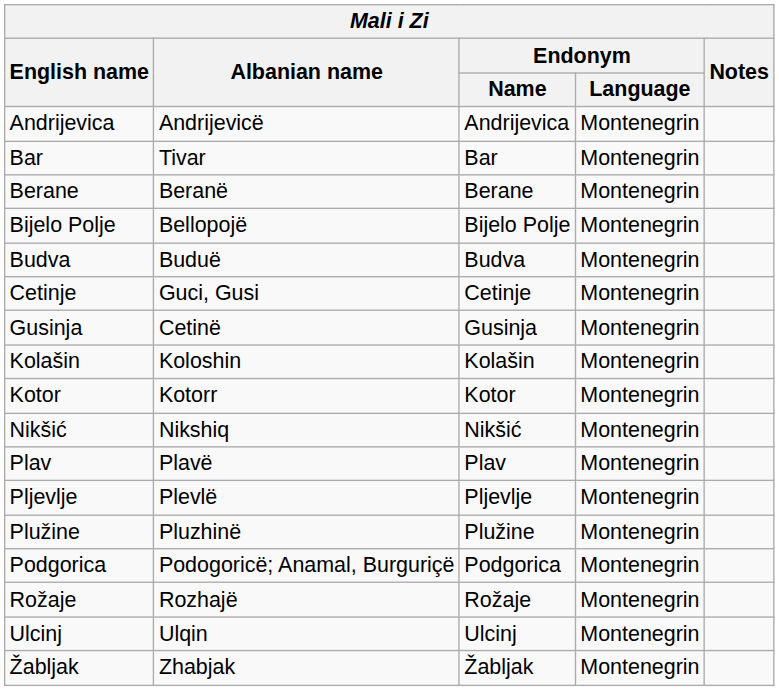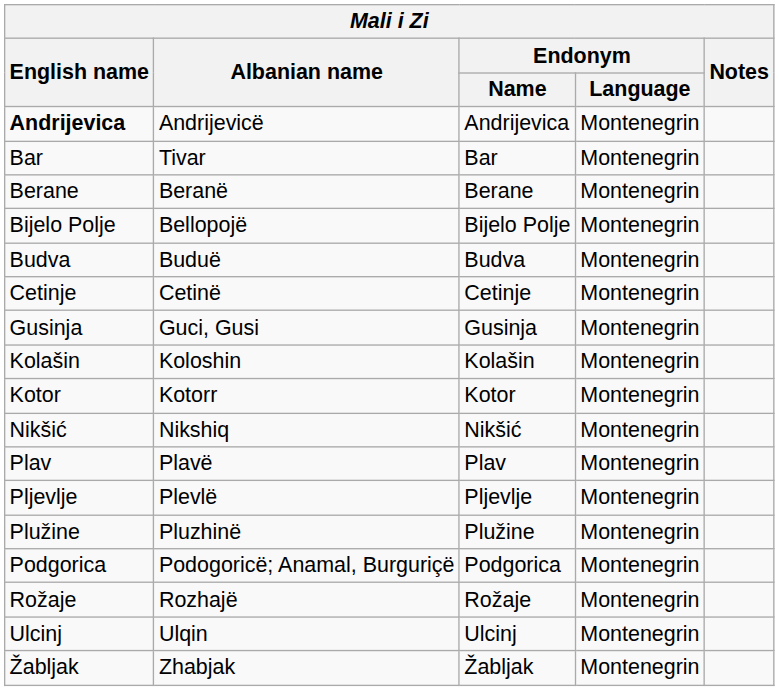 <table class="wikitable sortable">
 <tr>
 <th colspan="5"> <em>Mali i Zi</em></th>
 </tr>
 <tr>
 <th rowspan="2">English name</th>
 <th rowspan="2">Albanian name</th>
 <th colspan="2">Endonym</th>
 <th rowspan="2">Notes</th>
 </tr>
 <tr>
 <th>Name</th>
 <th>Language</th>
 </tr>
 <tr>
-<td>Andrijevica</td>
+<td><strong>Andrijevica</strong></td>
 <td>Andrijevicë</td>
 <td>Andrijevica</td>
 <td>Montenegrin</td>
 <td></td>
 </tr>
 <tr>
 <td>Bar</td>
 <td>Tivar</td>
 <td>Bar</td>
 <td>Montenegrin</td>
 <td></td>
 </tr>
 <tr>
 <td>Berane</td>
 <td>Beranë</td>
 <td>Berane</td>
 <td>Montenegrin</td>
 <td></td>
 </tr>
 <tr>
 <td>Bijelo Polje</td>
 <td>Bellopojë</td>
 <td>Bijelo Polje</td>
 <td>Montenegrin</td>
 <td></td>
 </tr>
 <tr>
 <td>Budva</td>
 <td>Buduë</td>
 <td>Budva</td>
 <td>Montenegrin</td>
 <td></td>
 </tr>
 <tr>
 <td>Cetinje</td>
-<td>Guci, Gusi</td>
+<td>Cetinë</td>
 <td>Cetinje</td>
 <td>Montenegrin</td>
 <td></td>
 </tr>
 <tr>
 <td>Gusinja</td>
-<td>Cetinë</td>
+<td>Guci, Gusi</td>
 <td>Gusinja</td>
 <td>Montenegrin</td>
 <td></td>
 </tr>
 <tr>
 <td>Kolašin</td>
 <td>Koloshin</td>
 <td>Kolašin</td>
 <td>Montenegrin</td>
 <td></td>
 </tr>
 <tr>
 <td>Kotor</td>
 <td>Kotorr</td>
 <td>Kotor</td>
 <td>Montenegrin</td>
 <td></td>
 </tr>
 <tr>
 <td>Nikšić</td>
 <td>Nikshiq</td>
 <td>Nikšić</td>
 <td>Montenegrin</td>
 <td></td>
 </tr>
 <tr>
 <td>Plav</td>
 <td>Plavë</td>
 <td>Plav</td>
 <td>Montenegrin</td>
 <td></td>
 </tr>
 <tr>
 <td>Pljevlje</td>
 <td>Plevlë</td>
 <td>Pljevlje</td>
 <td>Montenegrin</td>
 <td></td>
 </tr>
 <tr>
 <td>Plužine</td>
 <td>Pluzhinë</td>
 <td>Plužine</td>
 <td>Montenegrin</td>
 <td></td>
 </tr>
 <tr>
 <td>Podgorica</td>
 <td>Podogoricë; Anamal, Burguriçë</td>
 <td>Podgorica</td>
 <td>Montenegrin</td>
 <td></td>
 </tr>
 <tr>
 <td>Rožaje</td>
 <td>Rozhajë</td>
 <td>Rožaje</td>
 <td>Montenegrin</td>
 <td></td>
 </tr>
 <tr>
 <td>Ulcinj</td>
 <td>Ulqin</td>
 <td>Ulcinj</td>
 <td>Montenegrin</td>
 <td></td>
 </tr>
 <tr>
 <td>Žabljak</td>
 <td>Zhabjak</td>
 <td>Žabljak</td>
 <td>Montenegrin</td>
 <td></td>
 </tr>
 </table>
